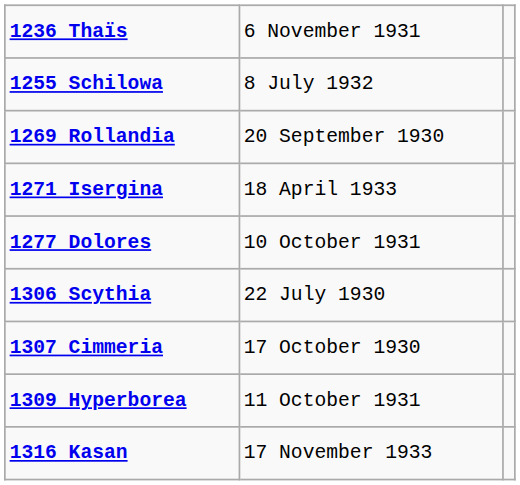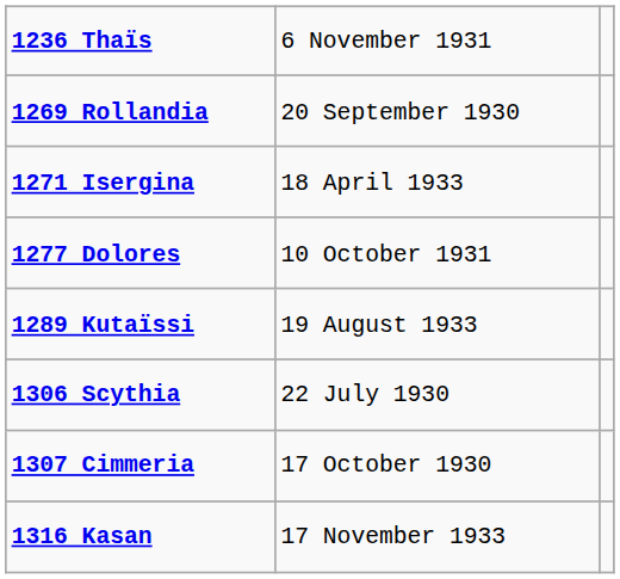 <table class="wikitable" style="font-size: 89%; float: left; width: 26em; margin-right: 1em; height: 280px;">
 <tr>
 <td><strong><a href='#'>1236 Thaïs</a></strong></td>
 <td>6 November 1931</td>
-<td></td>
-</tr>
-<tr>
-<td><strong><a href='#'>1255 Schilowa</a></strong></td>
-<td>8 July 1932</td>
 <td></td>
 </tr>
 <tr>
 <td><strong><a href='#'>1269 Rollandia</a></strong></td>
 <td>20 September 1930</td>
 <td></td>
 </tr>
 <tr>
 <td><strong><a href='#'>1271 Isergina</a></strong></td>
 <td>18 April 1933</td>
 <td></td>
 </tr>
 <tr>
 <td><strong><a href='#'>1277 Dolores</a></strong></td>
 <td>10 October 1931</td>
 <td></td>
 </tr>
 <tr>
+<td><strong><a href='#'>1289 Kutaïssi</a></strong></td>
+<td>19 August 1933</td>
+<td></td>
+</tr>
+<tr>
 <td><strong><a href='#'>1306 Scythia</a></strong></td>
 <td>22 July 1930</td>
 <td></td>
 </tr>
 <tr>
 <td><strong><a href='#'>1307 Cimmeria</a></strong></td>
 <td>17 October 1930</td>
 <td></td>
 </tr>
 <tr>
-<td><strong><a href='#'>1309 Hyperborea</a></strong></td>
-<td>11 October 1931</td>
-<td></td>
-</tr>
-<tr>
 <td><strong><a href='#'>1316 Kasan</a></strong></td>
 <td>17 November 1933</td>
 <td></td>
 </tr>
 </table>
